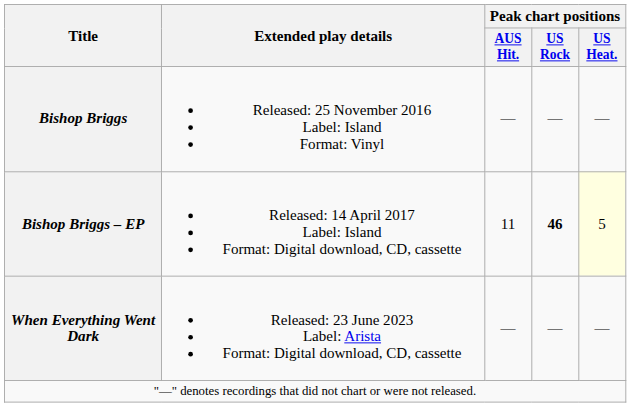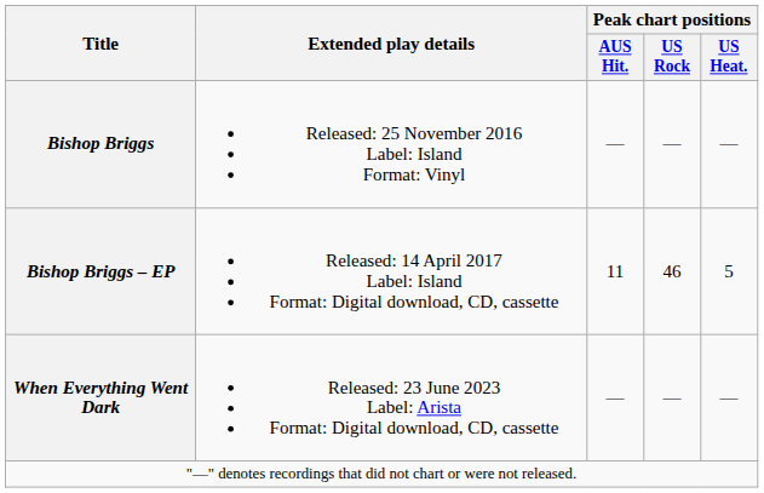 <table class="wikitable plainrowheaders" style="text-align:center;">
 <tr>
 <th scope="col" rowspan="2" style="width:10em;">Title</th>
 <th scope="col" rowspan="2" style="width:21em;">Extended play details</th>
 <th scope="col" colspan="3">Peak chart positions</th>
 </tr>
 <tr>
 <th scope="col" style="width:3em;font-size:90%;"><a href='#'>AUS<br>Hit.</a><br></th>
 <th scope="col" style="width:3em;font-size:90%;"><a href='#'>US<br>Rock</a><br></th>
 <th scope="col" style="width:3em;font-size:90%;"><a href='#'>US<br>Heat.</a><br></th>
 </tr>
 <tr>
 <th scope="row"><em>Bishop Briggs</em></th>
 <td><br><ul><li>Released: 25 November 2016</li><li>Label: Island</li><li>Format: Vinyl</li></ul></td>
 <td>—</td>
 <td>—</td>
 <td>—</td>
 </tr>
 <tr>
 <th scope="row"><em>Bishop Briggs – EP</em></th>
 <td><br><ul><li>Released: 14 April 2017</li><li>Label: Island</li><li>Format: Digital download, CD, cassette</li></ul></td>
 <td>11</td>
-<td><strong>46</strong></td>
-<td style="background: lightyellow;">5</td>
+<td>46</td>
+<td>5</td>
 </tr>
 <tr>
 <th scope="row"><em>When Everything Went Dark</em></th>
 <td><br><ul><li>Released: 23 June 2023</li><li>Label: <a href='#'>Arista</a></li><li>Format: Digital download, CD, cassette</li></ul></td>
 <td>—</td>
 <td>—</td>
 <td>—</td>
 </tr>
 <tr>
 <td colspan="8" style="font-size:85%">"—" denotes recordings that did not chart or were not released.</td>
 </tr>
 </table>
